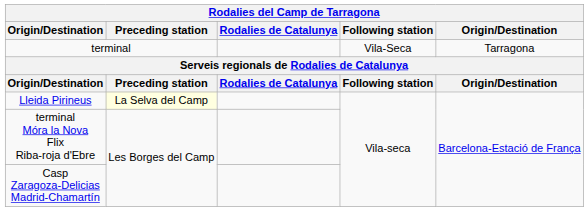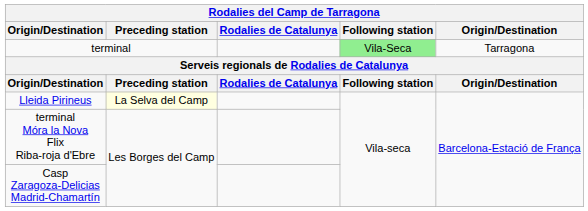 <table class="wikitable" style="margin:0 auto; text-align:center;">
 <tr>
 <th colspan="5"><strong> <a href='#'>Rodalies del Camp de Tarragona</a></strong></th>
 </tr>
 <tr>
 <th>Origin/Destination</th>
 <th>Preceding station</th>
 <th><a href='#'>Rodalies de Catalunya</a></th>
 <th>Following station</th>
 <th>Origin/Destination</th>
 </tr>
 <tr>
 <td colspan="2">terminal</td>
 <td></td>
-<td>Vila-Seca</td>
+<td style="background: lightgreen;">Vila-Seca</td>
 <td>Tarragona</td>
 </tr>
 <tr>
 <th colspan="5"><strong> Serveis regionals de <a href='#'>Rodalies de Catalunya</a></strong></th>
 </tr>
 <tr>
 <th>Origin/Destination</th>
 <th>Preceding station</th>
 <th><a href='#'>Rodalies de Catalunya</a></th>
 <th>Following station</th>
 <th>Origin/Destination</th>
 </tr>
 <tr>
 <td><a href='#'>Lleida Pirineus</a></td>
 <td style="background: lightyellow;">La Selva del Camp</td>
 <td></td>
 <td rowspan="3">Vila-seca</td>
 <td rowspan="3"><a href='#'>Barcelona-Estació de França</a></td>
 </tr>
 <tr>
 <td>terminal<br><a href='#'>Móra la Nova</a><br>Flix<br>Riba-roja d'Ebre</td>
 <td rowspan="2">Les Borges del Camp</td>
 <td></td>
 </tr>
 <tr>
 <td>Casp<br><a href='#'>Zaragoza-Delicias</a><br><a href='#'>Madrid-Chamartín</a></td>
 <td></td>
 </tr>
 </table>
